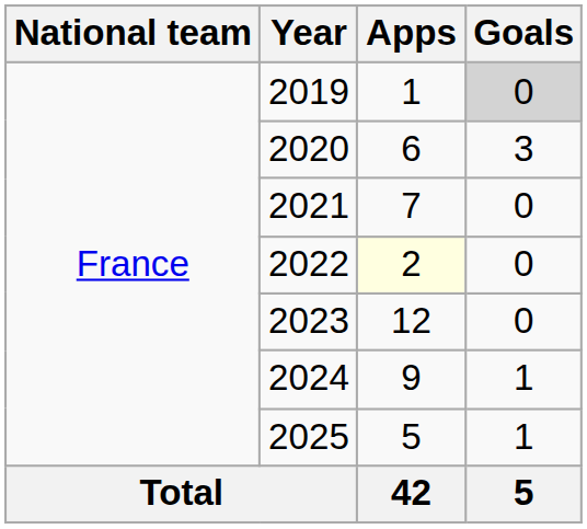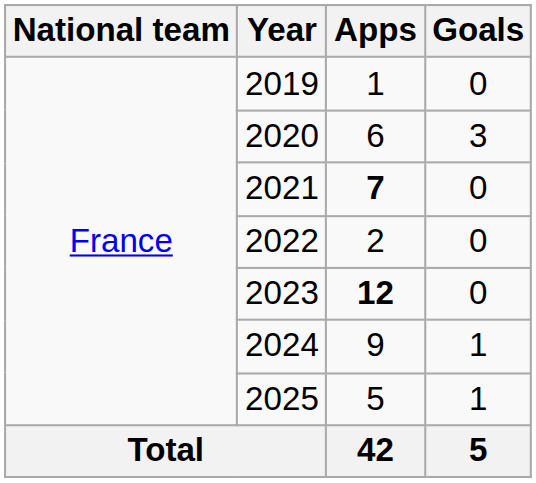 <table class="wikitable" style="text-align:center">
 <tr>
 <th>National team</th>
 <th>Year</th>
 <th>Apps</th>
 <th>Goals</th>
 </tr>
 <tr>
 <td rowspan=7><a href='#'>France</a></td>
 <td>2019</td>
 <td>1</td>
-<td style="background: lightgrey;">0</td>
+<td>0</td>
 </tr>
 <tr>
 <td>2020</td>
 <td>6</td>
 <td>3</td>
 </tr>
 <tr>
 <td>2021</td>
-<td>7</td>
+<td><strong>7</strong></td>
 <td>0</td>
 </tr>
 <tr>
 <td>2022</td>
-<td style="background: lightyellow;">2</td>
+<td>2</td>
 <td>0</td>
 </tr>
 <tr>
 <td>2023</td>
-<td>12</td>
+<td><strong>12</strong></td>
 <td>0</td>
 </tr>
 <tr>
 <td>2024</td>
 <td>9</td>
 <td>1</td>
 </tr>
 <tr>
 <td>2025</td>
 <td>5</td>
 <td>1</td>
 </tr>
 <tr>
 <th colspan=2>Total</th>
 <th>42</th>
 <th>5</th>
 </tr>
 </table>
